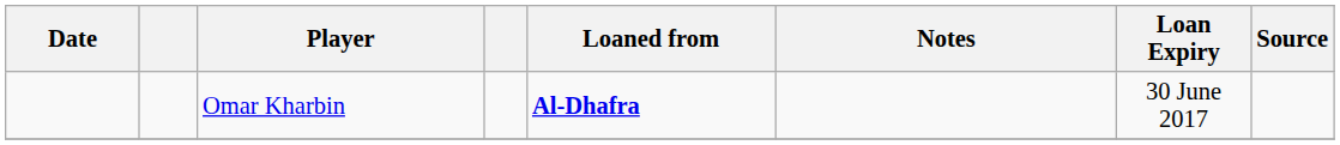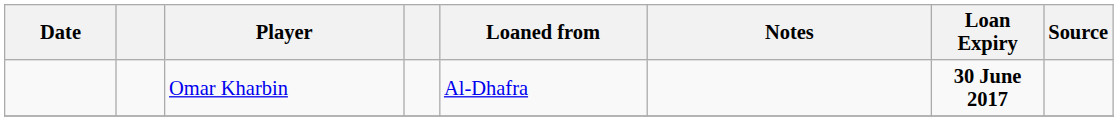 <table class="wikitable sortable">
 <tr>
 <th style="width:80px;">Date</th>
 <th style="width:30px;"></th>
 <th style="width:180px;">Player</th>
 <th style="width:20px;"></th>
 <th style="width:155px;">Loaned from</th>
 <th style="width:215px;" class="unsortable">Notes</th>
 <th style="width:80px;">Loan Expiry</th>
 <th style="width:20px;">Source</th>
 </tr>
 <tr>
 <td></td>
 <td align=center></td>
 <td> <a href='#'>Omar Kharbin</a></td>
 <td align=center></td>
-<td><strong> <a href='#'>Al-Dhafra</a></strong></td>
+<td> <a href='#'>Al-Dhafra</a></td>
 <td></td>
-<td align=center>30 June 2017</td>
+<td align=center><strong>30 June 2017</strong></td>
 <td></td>
 </tr>
 <tr>
 </tr>
 </table>
